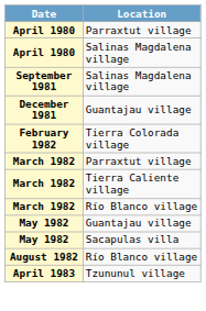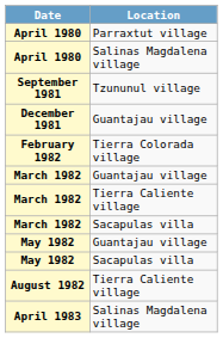 <table class="wikitable sortable" width=28%>
 <tr style="color:white;">
 <th style="background:#659ec7;" align=center>Date</th>
 <th style="background:#659ec7;" align=center>Location</th>
 </tr>
 <tr>
 <th style="background:lemonchiffon;">April 1980</th>
 <td>Parraxtut village</td>
 </tr>
 <tr>
 <th style="background:lemonchiffon;">April 1980</th>
 <td>Salinas Magdalena village</td>
 </tr>
 <tr>
 <th style="background:lemonchiffon;">September 1981</th>
-<td>Salinas Magdalena village</td>
+<td>Tzununul village</td>
 </tr>
 <tr>
 <th style="background:lemonchiffon;">December 1981</th>
 <td>Guantajau village</td>
 </tr>
 <tr>
 <th style="background:lemonchiffon;">February 1982</th>
 <td>Tierra Colorada village</td>
 </tr>
 <tr>
 <th style="background:lemonchiffon;">March 1982</th>
-<td>Parraxtut village</td>
+<td>Guantajau village</td>
 </tr>
 <tr>
 <th style="background:lemonchiffon;">March 1982</th>
 <td>Tierra Caliente village</td>
 </tr>
 <tr>
 <th style="background:lemonchiffon;">March 1982</th>
-<td>Río Blanco village</td>
+<td>Sacapulas villa</td>
 </tr>
 <tr>
 <th style="background:lemonchiffon;">May 1982</th>
 <td>Guantajau village</td>
 </tr>
 <tr>
 <th style="background:lemonchiffon;">May 1982</th>
 <td>Sacapulas villa</td>
 </tr>
 <tr>
 <th style="background:lemonchiffon;">August 1982</th>
-<td>Río Blanco village</td>
+<td>Tierra Caliente village</td>
 </tr>
 <tr>
 <th style="background:lemonchiffon;">April 1983</th>
-<td>Tzununul village</td>
+<td>Salinas Magdalena village</td>
 </tr>
 </table>
